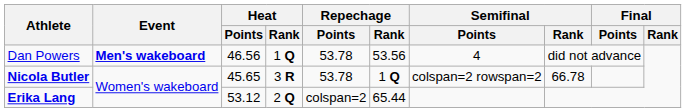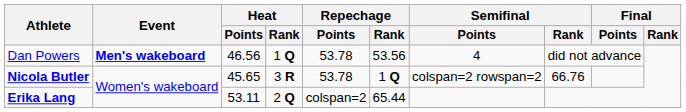 <table class=wikitable style=font-size:90%;text-align:center>
 <tr>
 <th rowspan=2>Athlete</th>
 <th rowspan=2>Event</th>
 <th colspan=2>Heat</th>
 <th colspan=2>Repechage</th>
 <th colspan=2>Semifinal</th>
 <th colspan=2>Final</th>
 </tr>
 <tr style=font-size:95%>
 <th>Points</th>
 <th>Rank</th>
 <th>Points</th>
 <th>Rank</th>
 <th>Points</th>
 <th>Rank</th>
 <th>Points</th>
 <th>Rank</th>
 </tr>
 <tr>
 <td align=left><a href='#'>Dan Powers</a></td>
 <td align=left><strong><a href='#'>Men's wakeboard</a></strong></td>
 <td>46.56</td>
 <td>1 <strong>Q</strong></td>
 <td>53.78</td>
 <td>53.56</td>
 <td>4</td>
 <td colspan=2>did not advance</td>
 </tr>
 <tr>
 <td align=left><strong><a href='#'>Nicola Butler</a></strong></td>
 <td align=left rowspan=2><a href='#'>Women's wakeboard</a></td>
 <td>45.65</td>
 <td>3 <strong>R</strong></td>
 <td>53.78</td>
 <td>1 <strong>Q</strong></td>
 <td>colspan=2 rowspan=2 </td>
-<td>66.78</td>
+<td>66.76</td>
 <td></td>
 </tr>
 <tr>
 <td align=left><strong><a href='#'>Erika Lang</a></strong></td>
-<td>53.12</td>
+<td>53.11</td>
 <td>2 <strong>Q</strong></td>
 <td>colspan=2 </td>
 <td>65.44</td>
 <td></td>
 </tr>
 </table>
